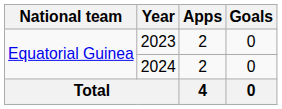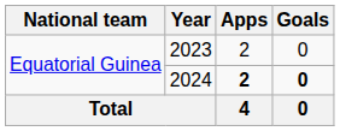 <table class="wikitable" style="text-align:center">
 <tr>
 <th>National team</th>
 <th>Year</th>
 <th>Apps</th>
 <th>Goals</th>
 </tr>
 <tr>
 <td rowspan="2"><a href='#'>Equatorial Guinea</a></td>
 <td>2023</td>
 <td>2</td>
 <td>0</td>
 </tr>
 <tr>
 <td>2024</td>
-<td>2</td>
-<td>0</td>
+<td><strong>2</strong></td>
+<td><strong>0</strong></td>
 </tr>
 <tr>
 <th colspan="2">Total</th>
 <th>4</th>
 <th>0</th>
 </tr>
 </table>
